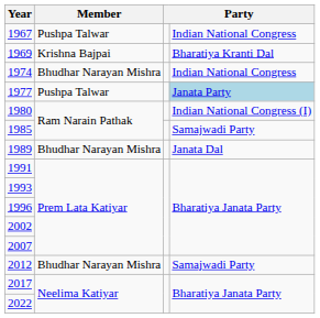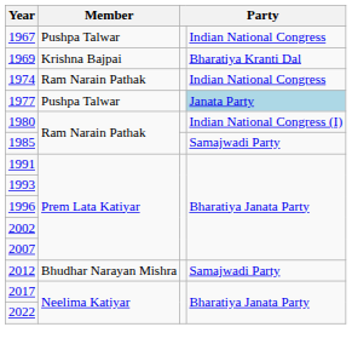 <table class="wikitable">
 <tr>
 <th>Year</th>
 <th>Member</th>
 <th colspan="2">Party</th>
 </tr>
 <tr>
 <td><a href='#'>1967</a></td>
 <td>Pushpa Talwar</td>
 <td style="background-color: "></td>
 <td><a href='#'>Indian National Congress</a></td>
 </tr>
 <tr>
 <td><a href='#'>1969</a></td>
 <td>Krishna Bajpai</td>
 <td style="background-color: "></td>
 <td><a href='#'>Bharatiya Kranti Dal</a></td>
 </tr>
 <tr>
 <td><a href='#'>1974</a></td>
-<td>Bhudhar Narayan Mishra</td>
+<td>Ram Narain Pathak</td>
 <td style="background-color: "></td>
 <td><a href='#'>Indian National Congress</a></td>
 </tr>
 <tr>
 <td><a href='#'>1977</a></td>
 <td>Pushpa Talwar</td>
 <td style="background-color: "></td>
 <td style="background: lightblue;"><a href='#'>Janata Party</a></td>
 </tr>
 <tr>
 <td><a href='#'>1980</a></td>
 <td rowspan="2">Ram Narain Pathak</td>
 <td style="background-color: "></td>
 <td><a href='#'>Indian National Congress (I)</a></td>
 </tr>
 <tr>
 <td><a href='#'>1985</a></td>
 <td style="background-color: "></td>
 <td><a href='#'>Samajwadi Party</a></td>
-</tr>
-<tr>
-<td><a href='#'>1989</a></td>
-<td>Bhudhar Narayan Mishra</td>
-<td style="background-color: "></td>
-<td><a href='#'>Janata Dal</a></td>
 </tr>
 <tr>
 <td><a href='#'>1991</a></td>
 <td rowspan="5"><a href='#'>Prem Lata Katiyar</a></td>
 <td rowspan="5" style="background-color: "></td>
 <td rowspan="5"><a href='#'>Bharatiya Janata Party</a></td>
 </tr>
 <tr>
 <td><a href='#'>1993</a></td>
 </tr>
 <tr>
 <td><a href='#'>1996</a></td>
 </tr>
 <tr>
 <td><a href='#'>2002</a></td>
 </tr>
 <tr>
 <td><a href='#'>2007</a></td>
 </tr>
 <tr>
 <td><a href='#'>2012</a></td>
 <td>Bhudhar Narayan Mishra</td>
 <td style="background-color: "></td>
 <td><a href='#'>Samajwadi Party</a></td>
 </tr>
 <tr>
 <td><a href='#'>2017</a></td>
 <td rowspan="2"><a href='#'>Neelima Katiyar</a></td>
 <td rowspan="2" style="background-color: "></td>
 <td rowspan="2"><a href='#'>Bharatiya Janata Party</a></td>
 </tr>
 <tr>
 <td><a href='#'>2022</a></td>
 </tr>
 </table>
